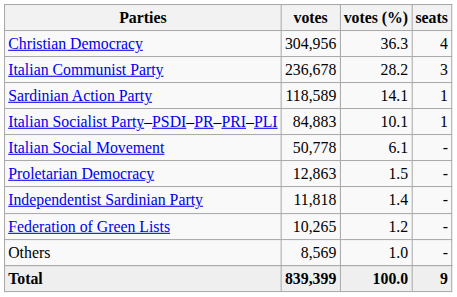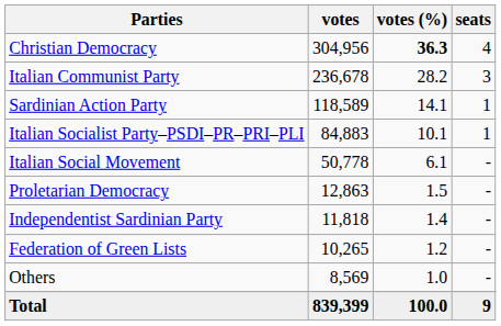 <table class="wikitable" style="font-size:95%">
 <tr bgcolor="EFEFEF">
 <th>Parties</th>
 <th>votes</th>
 <th>votes (%)</th>
 <th>seats</th>
 </tr>
 <tr>
 <td><a href='#'>Christian Democracy</a></td>
 <td align=right>304,956</td>
-<td align=right>36.3</td>
+<td align=right><strong>36.3</strong></td>
 <td align=right>4</td>
 </tr>
 <tr>
 <td><a href='#'>Italian Communist Party</a></td>
 <td align=right>236,678</td>
 <td align=right>28.2</td>
 <td align=right>3</td>
 </tr>
 <tr>
 <td><a href='#'>Sardinian Action Party</a></td>
 <td align=right>118,589</td>
 <td align=right>14.1</td>
 <td align=right>1</td>
 </tr>
 <tr>
 <td><a href='#'>Italian Socialist Party</a>–<a href='#'>PSDI</a>–<a href='#'>PR</a>–<a href='#'>PRI</a>–<a href='#'>PLI</a></td>
 <td align=right>84,883</td>
 <td align=right>10.1</td>
 <td align=right>1</td>
 </tr>
 <tr>
 <td><a href='#'>Italian Social Movement</a></td>
 <td align=right>50,778</td>
 <td align=right>6.1</td>
 <td align=right>-</td>
 </tr>
 <tr>
 <td><a href='#'>Proletarian Democracy</a></td>
 <td align=right>12,863</td>
 <td align=right>1.5</td>
 <td align=right>-</td>
 </tr>
 <tr>
 <td><a href='#'>Independentist Sardinian Party</a></td>
 <td align=right>11,818</td>
 <td align=right>1.4</td>
 <td align=right>-</td>
 </tr>
 <tr>
 <td><a href='#'>Federation of Green Lists</a></td>
 <td align=right>10,265</td>
 <td align=right>1.2</td>
 <td align=right>-</td>
 </tr>
 <tr>
 <td>Others</td>
 <td align=right>8,569</td>
 <td align=right>1.0</td>
 <td align=right>-</td>
 </tr>
 <tr>
 </tr>
 <tr bgcolor="EFEFEF">
 <td><strong>Total</strong></td>
 <td align=right><strong>839,399</strong></td>
 <td align=right><strong>100.0</strong></td>
 <td align=right><strong>9</strong></td>
 </tr>
 </table>
